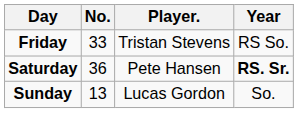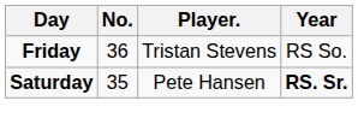 <table class="wikitable non-sortable">
 <tr>
 <th style="text-align:center; ">Day</th>
 <th style="text-align:center; ">No.</th>
 <th style="text-align:center; ">Player.</th>
 <th style="text-align:center; ">Year</th>
 </tr>
 <tr style="text-align:center;">
 <td><strong>Friday</strong></td>
-<td>33</td>
+<td>36</td>
 <td>Tristan Stevens</td>
 <td>RS So.</td>
 </tr>
 <tr style="text-align:center;">
 <td><strong>Saturday</strong></td>
-<td>36</td>
+<td>35</td>
 <td>Pete Hansen</td>
 <td><strong>RS. Sr.</strong></td>
 </tr>
-<tr style="text-align:center;">
-<td><strong>Sunday</strong></td>
-<td>13</td>
-<td>Lucas Gordon</td>
-<td>So.</td>
-</tr>
 </table>
